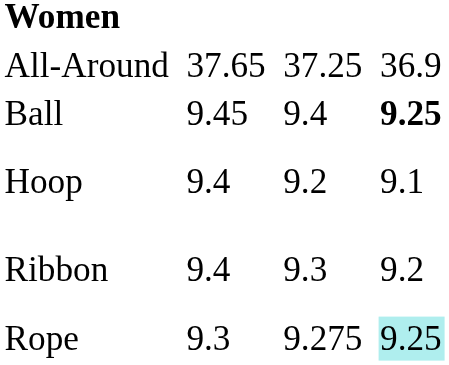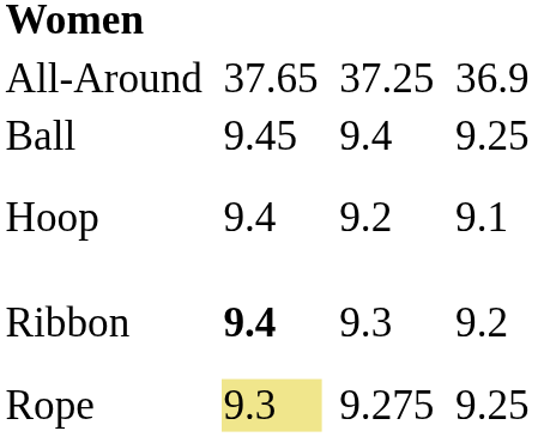 <table>
 <tr>
 <td colspan=7><strong>Women</strong></td>
 </tr>
 <tr>
 <td>All-Around</td>
 <td></td>
 <td>37.65</td>
 <td></td>
 <td>37.25</td>
 <td></td>
 <td>36.9</td>
 </tr>
 <tr>
 <td>Ball</td>
 <td></td>
 <td>9.45</td>
 <td></td>
 <td>9.4</td>
 <td></td>
-<td><strong>9.25</strong></td>
+<td>9.25</td>
 </tr>
 <tr>
 <td>Hoop</td>
 <td></td>
 <td>9.4</td>
 <td></td>
 <td>9.2</td>
 <td><br><br></td>
 <td>9.1</td>
 </tr>
 <tr>
 <td>Ribbon</td>
 <td></td>
-<td>9.4</td>
+<td><strong>9.4</strong></td>
 <td></td>
 <td>9.3</td>
 <td><br><br></td>
 <td>9.2</td>
 </tr>
 <tr>
 <td>Rope</td>
 <td></td>
-<td>9.3</td>
+<td style="background: khaki;">9.3</td>
 <td></td>
 <td>9.275</td>
 <td></td>
-<td style="background: paleturquoise;">9.25</td>
+<td>9.25</td>
 </tr>
 </table>
